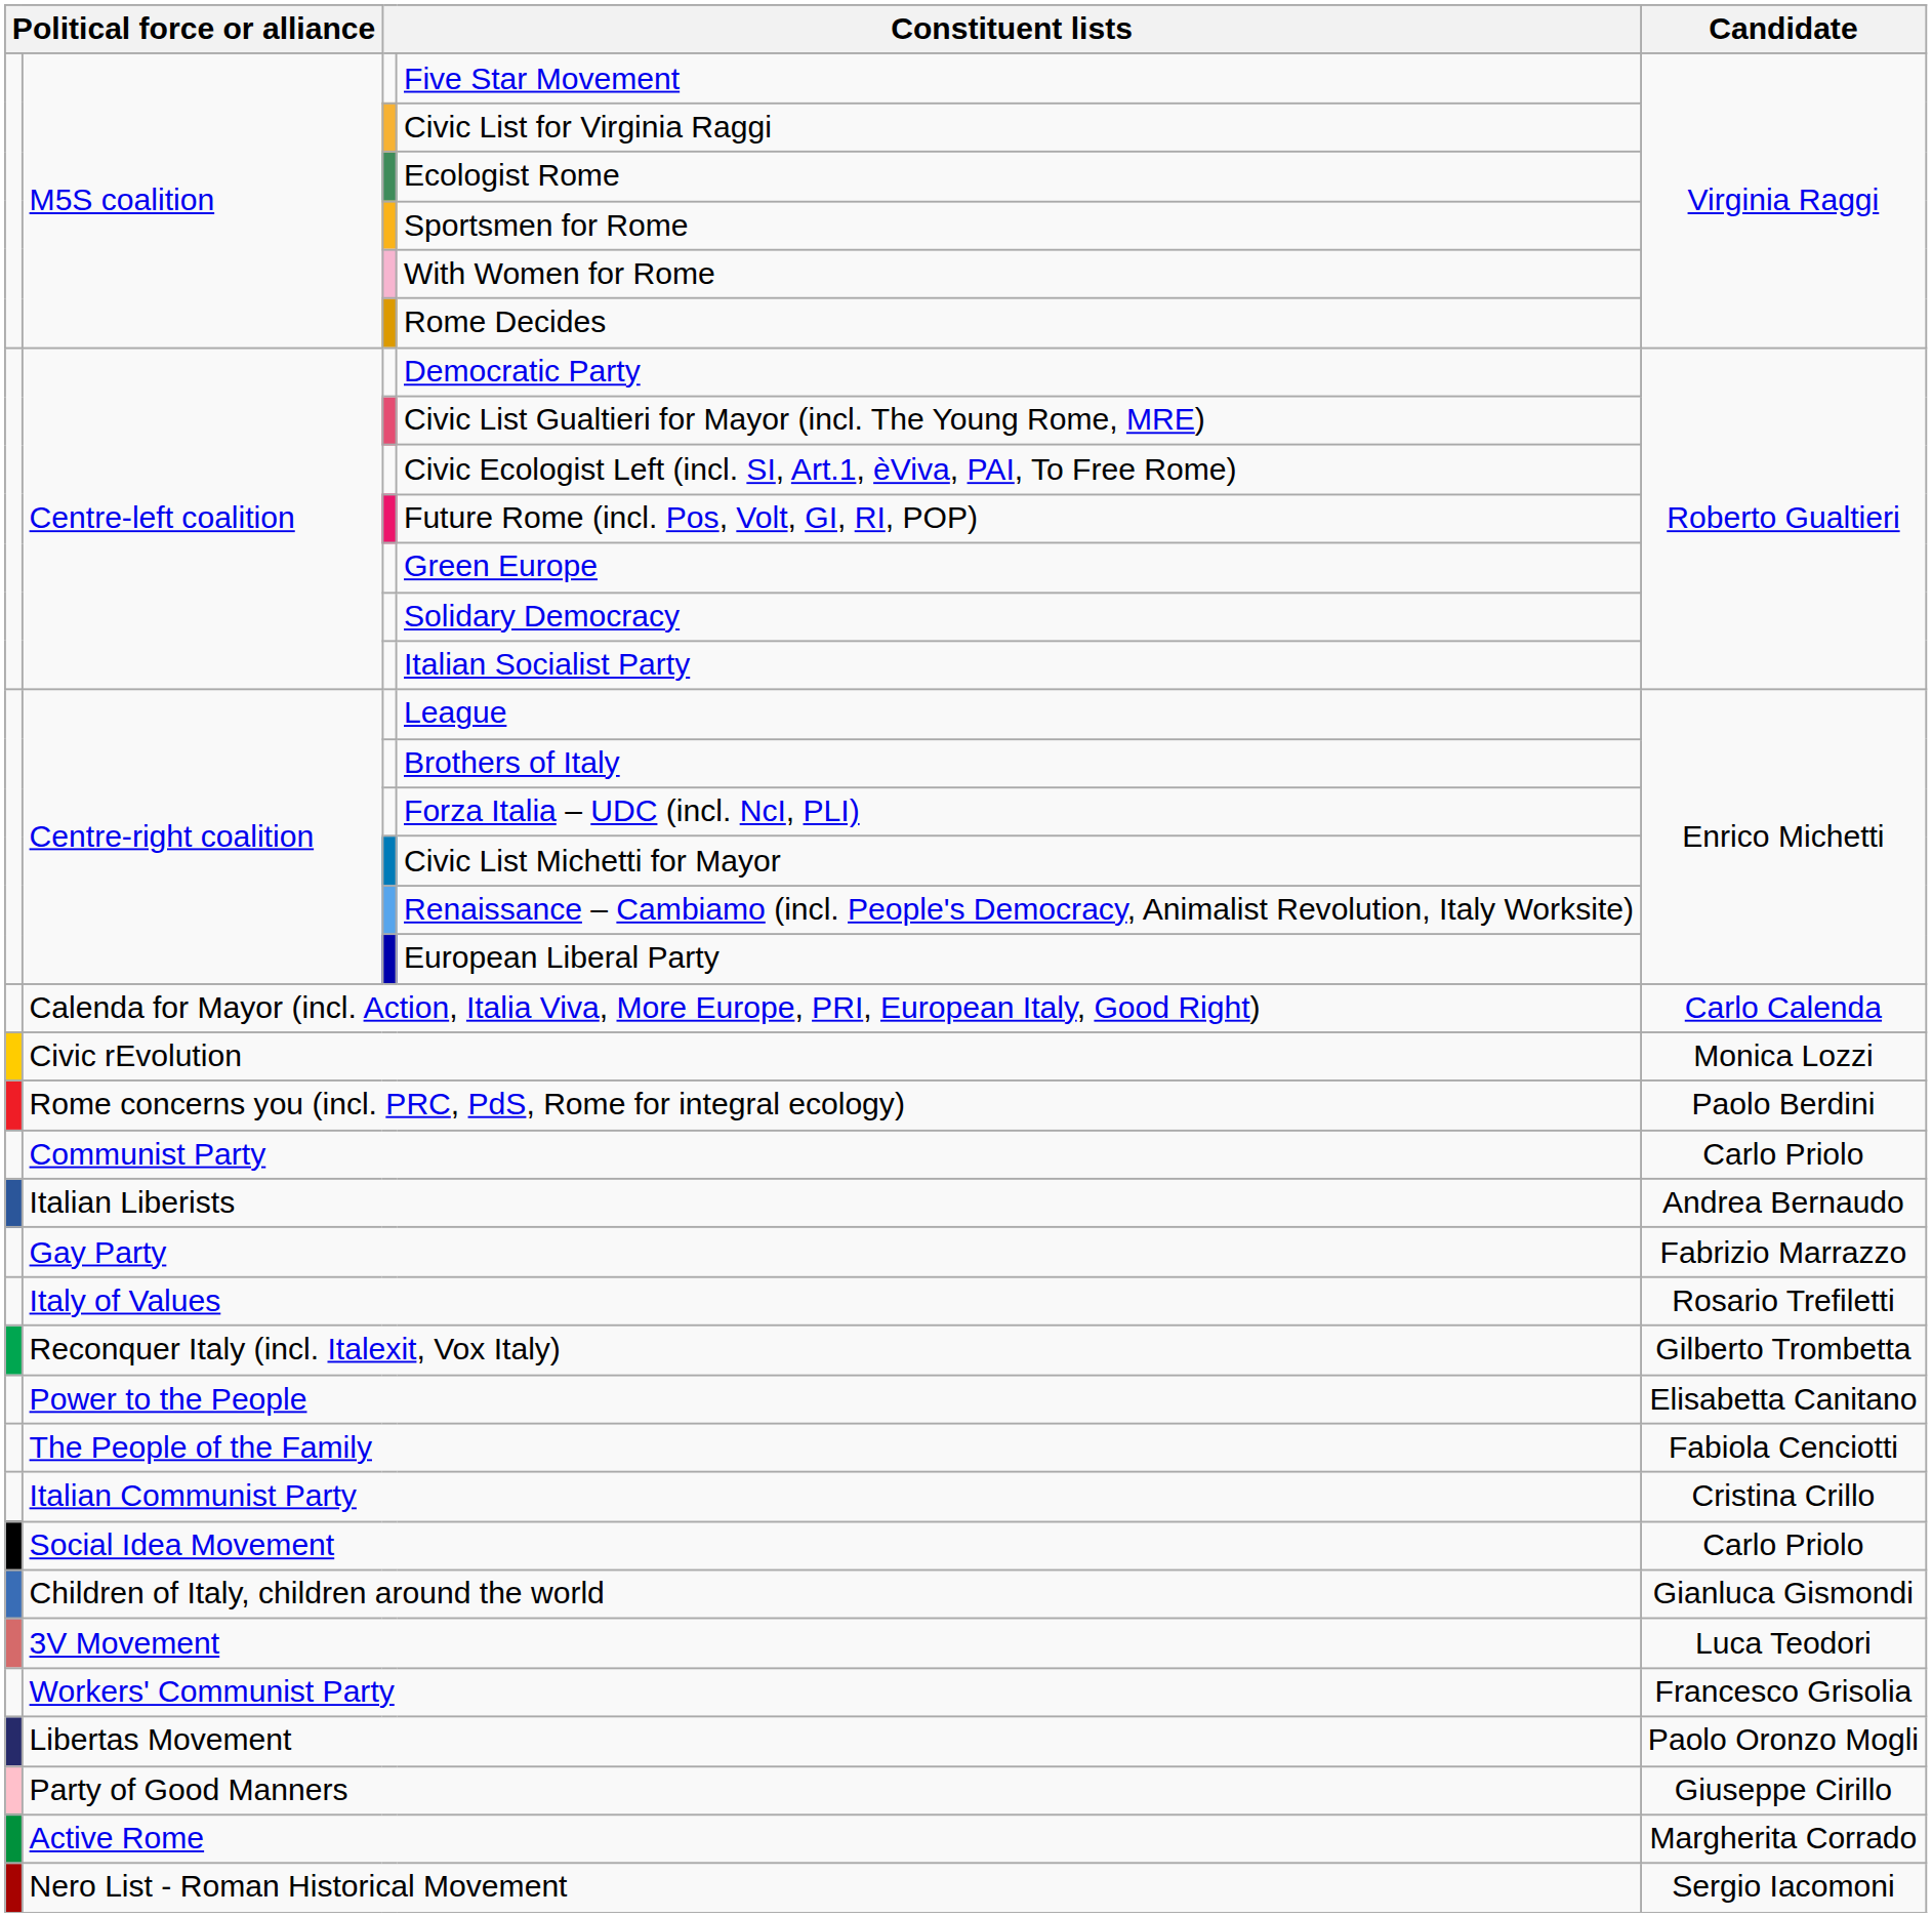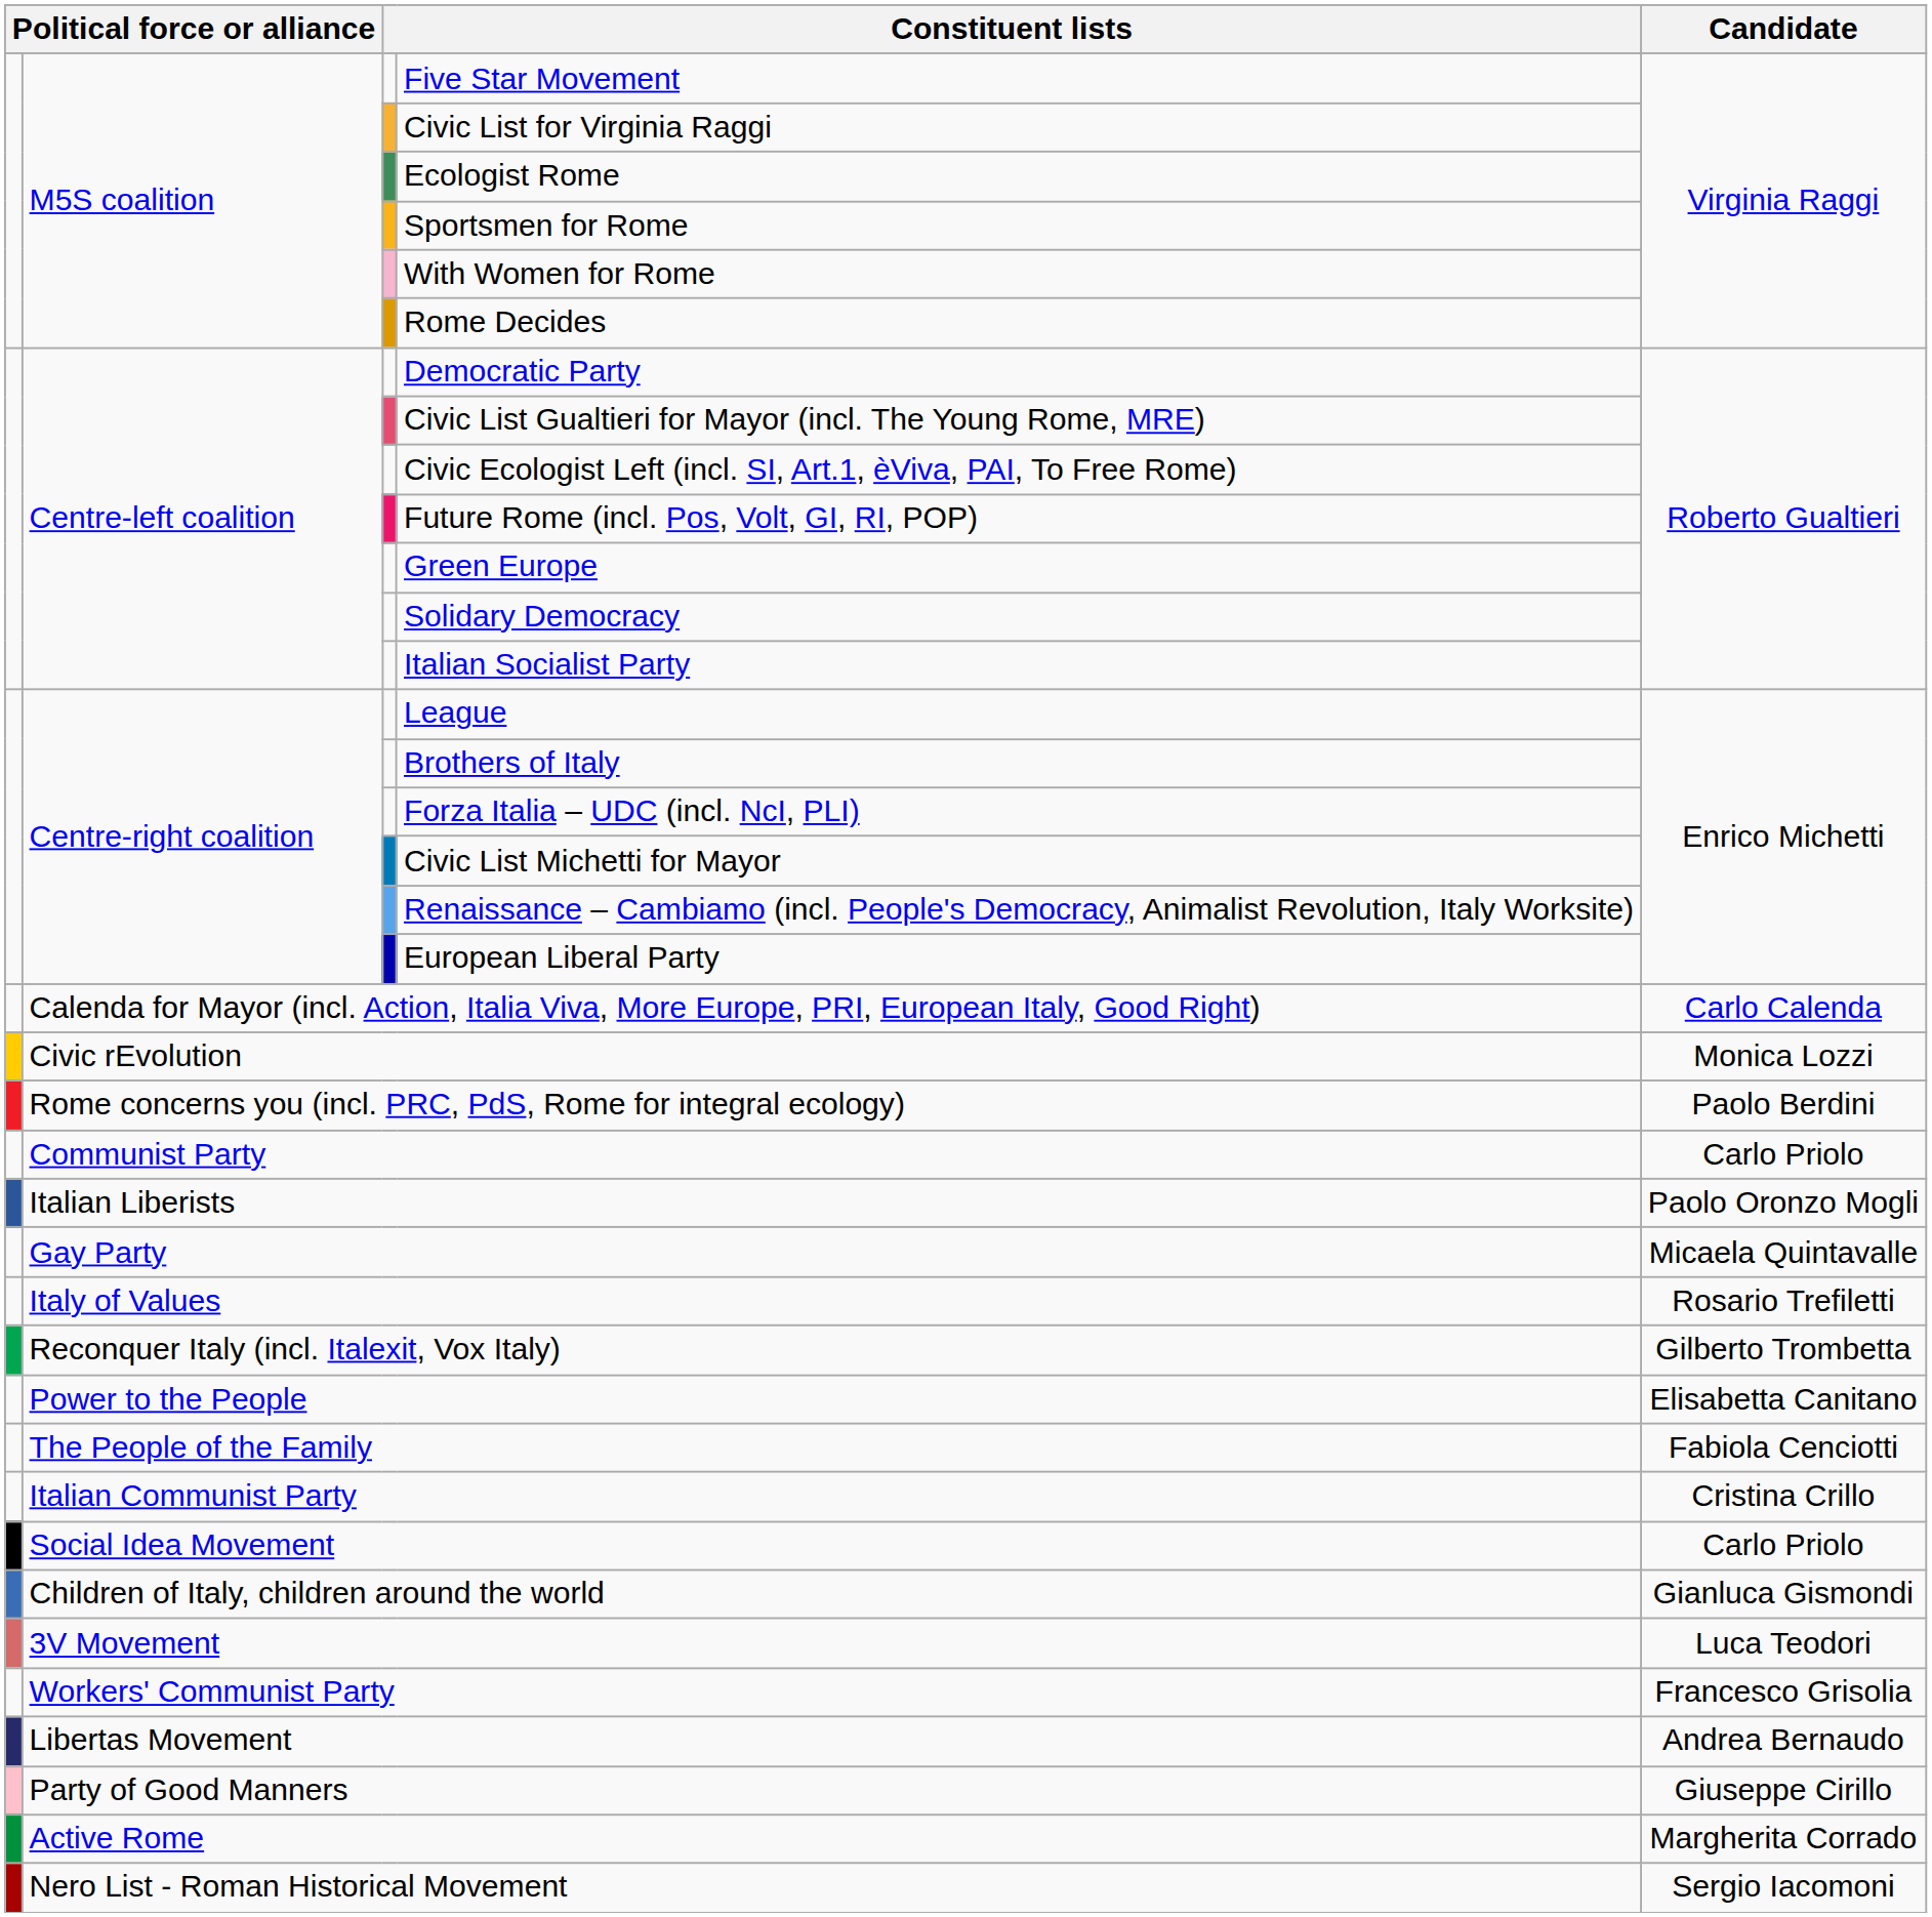 <table class=wikitable style=text-align:left>
 <tr>
 <th colspan=2>Political force or alliance</th>
 <th colspan=2>Constituent lists</th>
 <th>Candidate</th>
 </tr>
 <tr>
 <td rowspan=6 style="background:"></td>
 <td rowspan=6><a href='#'>M5S coalition</a></td>
 <td></td>
 <td style="text-align:left;"><a href='#'>Five Star Movement</a></td>
 <td rowspan=6 style="text-align:center;"><a href='#'>Virginia Raggi</a></td>
 </tr>
 <tr>
 <td style="color:inherit;background:#F7B233"></td>
 <td style="text-align:left;">Civic List for Virginia Raggi</td>
 </tr>
 <tr>
 <td style="color:inherit;background:#3E8C5A"></td>
 <td style="text-align:left;">Ecologist Rome</td>
 </tr>
 <tr>
 <td style="color:inherit;background:#FAB319"></td>
 <td style="text-align:left;">Sportsmen for Rome</td>
 </tr>
 <tr>
 <td style="color:inherit;background:#F7B5D0"></td>
 <td style="text-align:left;">With Women for Rome</td>
 </tr>
 <tr>
 <td style="color:inherit;background:#DC9A00"></td>
 <td style="text-align:left;">Rome Decides</td>
 </tr>
 <tr>
 <td rowspan=7 style="background-color:"></td>
 <td rowspan=7><a href='#'>Centre-left coalition</a></td>
 <td></td>
 <td style="text-align:left;"><a href='#'>Democratic Party</a></td>
 <td rowspan=7 style="text-align:center;"><a href='#'>Roberto Gualtieri</a></td>
 </tr>
 <tr>
 <td style="color:inherit;background:#E54C72"></td>
 <td style="text-align:left;">Civic List Gualtieri for Mayor (incl. The Young Rome, <a href='#'>MRE</a>)</td>
 </tr>
 <tr>
 <td></td>
 <td style="text-align:left;">Civic Ecologist Left (incl. <a href='#'>SI</a>, <a href='#'>Art.1</a>, <a href='#'>èViva</a>, <a href='#'>PAI</a>, To Free Rome)</td>
 </tr>
 <tr>
 <td style="color:inherit;background:#ed146b"></td>
 <td style="text-align:left;">Future Rome (incl. <a href='#'>Pos</a>, <a href='#'>Volt</a>, <a href='#'>GI</a>, <a href='#'>RI</a>, POP)</td>
 </tr>
 <tr>
 <td></td>
 <td style="text-align:left;"><a href='#'>Green Europe</a></td>
 </tr>
 <tr>
 <td></td>
 <td style="text-align:left;"><a href='#'>Solidary Democracy</a></td>
 </tr>
 <tr>
 <td></td>
 <td style="text-align:left;"><a href='#'>Italian Socialist Party</a></td>
 </tr>
 <tr>
 <td rowspan=6 style="background-color:"></td>
 <td rowspan=6><a href='#'>Centre-right coalition</a></td>
 <td></td>
 <td><a href='#'>League</a></td>
 <td rowspan=6 style="text-align:center;">Enrico Michetti</td>
 </tr>
 <tr>
 <td></td>
 <td><a href='#'>Brothers of Italy</a></td>
 </tr>
 <tr>
 <td></td>
 <td><a href='#'>Forza Italia</a> – <a href='#'>UDC</a> (incl. <a href='#'>NcI</a>, <a href='#'>PLI)</a></td>
 </tr>
 <tr>
 <td style="color:inherit;background:#007BB8"></td>
 <td style="text-align:left;">Civic List Michetti for Mayor</td>
 </tr>
 <tr>
 <td style="color:inherit;background:#56A5EC"></td>
 <td style="text-align:left;"><a href='#'>Renaissance</a> – <a href='#'>Cambiamo</a> (incl. <a href='#'>People's Democracy</a>, Animalist Revolution, Italy Worksite)</td>
 </tr>
 <tr>
 <td style="color:inherit;background:#0000AC"></td>
 <td style="text-align:left;">European Liberal Party</td>
 </tr>
 <tr>
 <td rowspan="1"></td>
 <td colspan="3" rowspan="1" ;>Calenda for Mayor (incl. <a href='#'>Action</a>, <a href='#'>Italia Viva</a>, <a href='#'>More Europe</a>, <a href='#'>PRI</a>, <a href='#'>European Italy</a>, <a href='#'>Good Right</a>)</td>
 <td rowspan="1" style="text-align:center;"><a href='#'>Carlo Calenda</a></td>
 </tr>
 <tr>
 <td style="color:inherit;background:#FFCC00"></td>
 <td colspan="3">Civic rEvolution</td>
 <td style="text-align:center;">Monica Lozzi</td>
 </tr>
 <tr>
 <td style="color:inherit;background:#EF1D26"></td>
 <td colspan="3">Rome concerns you (incl. <a href='#'>PRC</a>, <a href='#'>PdS</a>, Rome for integral ecology)</td>
 <td style="text-align:center;">Paolo Berdini</td>
 </tr>
 <tr>
 <td></td>
 <td colspan="3"><a href='#'>Communist Party</a></td>
 <td style="text-align:center;">Carlo Priolo</td>
 </tr>
 <tr>
 <td style="color:inherit;background:#2B569A"></td>
 <td colspan="3">Italian Liberists</td>
-<td style="text-align:center;">Andrea Bernaudo</td>
+<td style="text-align:center;">Paolo Oronzo Mogli</td>
 </tr>
 <tr>
 <td style="color:inherit;background:"></td>
 <td colspan="3"><a href='#'>Gay Party</a></td>
-<td style="text-align:center;">Fabrizio Marrazzo</td>
+<td style="text-align:center;">Micaela Quintavalle</td>
 </tr>
 <tr>
 <td style="color:inherit;background:"></td>
 <td colspan="3"><a href='#'>Italy of Values</a></td>
 <td style="text-align:center;">Rosario Trefiletti</td>
 </tr>
 <tr>
 <td style="color:inherit;background:#00A650"></td>
 <td colspan="3">Reconquer Italy (incl. <a href='#'>Italexit</a>, Vox Italy)</td>
 <td style="text-align:center;">Gilberto Trombetta</td>
 </tr>
 <tr>
 <td style="color:inherit;background:"></td>
 <td colspan="3"><a href='#'>Power to the People</a></td>
 <td style="text-align:center;">Elisabetta Canitano</td>
 </tr>
 <tr>
 <td style="color:inherit;background:"></td>
 <td colspan="3"><a href='#'>The People of the Family</a></td>
 <td style="text-align:center;">Fabiola Cenciotti</td>
 </tr>
 <tr>
 <td style="color:inherit;background:"></td>
 <td colspan="3"><a href='#'>Italian Communist Party</a></td>
 <td style="text-align:center;">Cristina Crillo</td>
 </tr>
 <tr>
 <td style="color:inherit;background:#000000"></td>
 <td colspan="3"><a href='#'>Social Idea Movement</a></td>
 <td style="text-align:center;">Carlo Priolo</td>
 </tr>
 <tr>
 <td style="color:inherit;background:#396DB6"></td>
 <td colspan="3">Children of Italy, children around the world</td>
 <td style="text-align:center;">Gianluca Gismondi</td>
 </tr>
 <tr>
 <td style="color:inherit;background:#D56A6A"></td>
 <td colspan="3"><a href='#'>3V Movement</a></td>
 <td style="text-align:center;">Luca Teodori</td>
 </tr>
 <tr>
 <td style="color:inherit;background:"></td>
 <td colspan="3"><a href='#'>Workers' Communist Party</a></td>
 <td style="text-align:center;">Francesco Grisolia</td>
 </tr>
 <tr>
 <td style="color:inherit;background:#262A6A"></td>
 <td colspan="3">Libertas Movement</td>
-<td style="text-align:center;">Paolo Oronzo Mogli</td>
+<td style="text-align:center;">Andrea Bernaudo</td>
 </tr>
 <tr>
 <td style="color:inherit;background:#FFC0CB"></td>
 <td colspan="3">Party of Good Manners</td>
 <td style="text-align:center;">Giuseppe Cirillo</td>
 </tr>
 <tr>
 <td style="color:inherit;background:#00913C"></td>
 <td colspan="3"><a href='#'>Active Rome</a></td>
 <td style="text-align:center;">Margherita Corrado</td>
 </tr>
 <tr>
 <td style="color:inherit;background:#A70200"></td>
 <td colspan="3">Nero List - Roman Historical Movement</td>
 <td style="text-align:center;">Sergio Iacomoni</td>
 </tr>
 <tr>
 </tr>
 </table>
